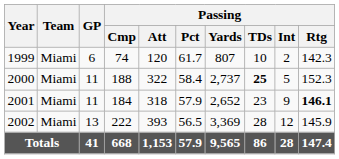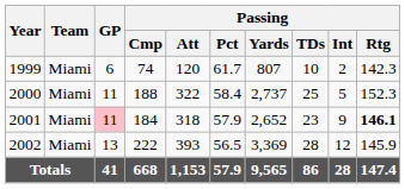 <table class="wikitable" style="text-align:center;">
 <tr>
 <th rowspan="2">Year</th>
 <th rowspan="2">Team</th>
 <th rowspan="2">GP</th>
 <th colspan=7>Passing</th>
 </tr>
 <tr>
 <th>Cmp</th>
 <th>Att</th>
 <th>Pct</th>
 <th>Yards</th>
 <th>TDs</th>
 <th>Int</th>
 <th>Rtg</th>
 </tr>
 <tr>
 <td>1999</td>
 <td>Miami</td>
 <td>6</td>
 <td>74</td>
 <td>120</td>
 <td>61.7</td>
 <td>807</td>
 <td>10</td>
 <td>2</td>
 <td>142.3</td>
 </tr>
 <tr>
 <td>2000</td>
 <td>Miami</td>
 <td>11</td>
 <td>188</td>
 <td>322</td>
 <td>58.4</td>
 <td>2,737</td>
-<td><strong>25</strong></td>
+<td>25</td>
 <td>5</td>
 <td>152.3</td>
 </tr>
 <tr>
 <td>2001</td>
 <td>Miami</td>
-<td>11</td>
+<td style="background: pink;">11</td>
 <td>184</td>
 <td>318</td>
 <td>57.9</td>
 <td>2,652</td>
 <td>23</td>
 <td>9</td>
 <td><strong>146.1</strong></td>
 </tr>
 <tr>
 <td>2002</td>
 <td>Miami</td>
 <td>13</td>
 <td>222</td>
 <td>393</td>
 <td>56.5</td>
 <td>3,369</td>
 <td>28</td>
 <td>12</td>
 <td>145.9</td>
 </tr>
 <tr style="background:#555; font-weight:bold; color:white;">
 <td colspan=2>Totals</td>
 <td>41</td>
 <td>668</td>
 <td>1,153</td>
 <td>57.9</td>
 <td>9,565</td>
 <td>86</td>
 <td>28</td>
 <td>147.4</td>
 </tr>
 </table>
